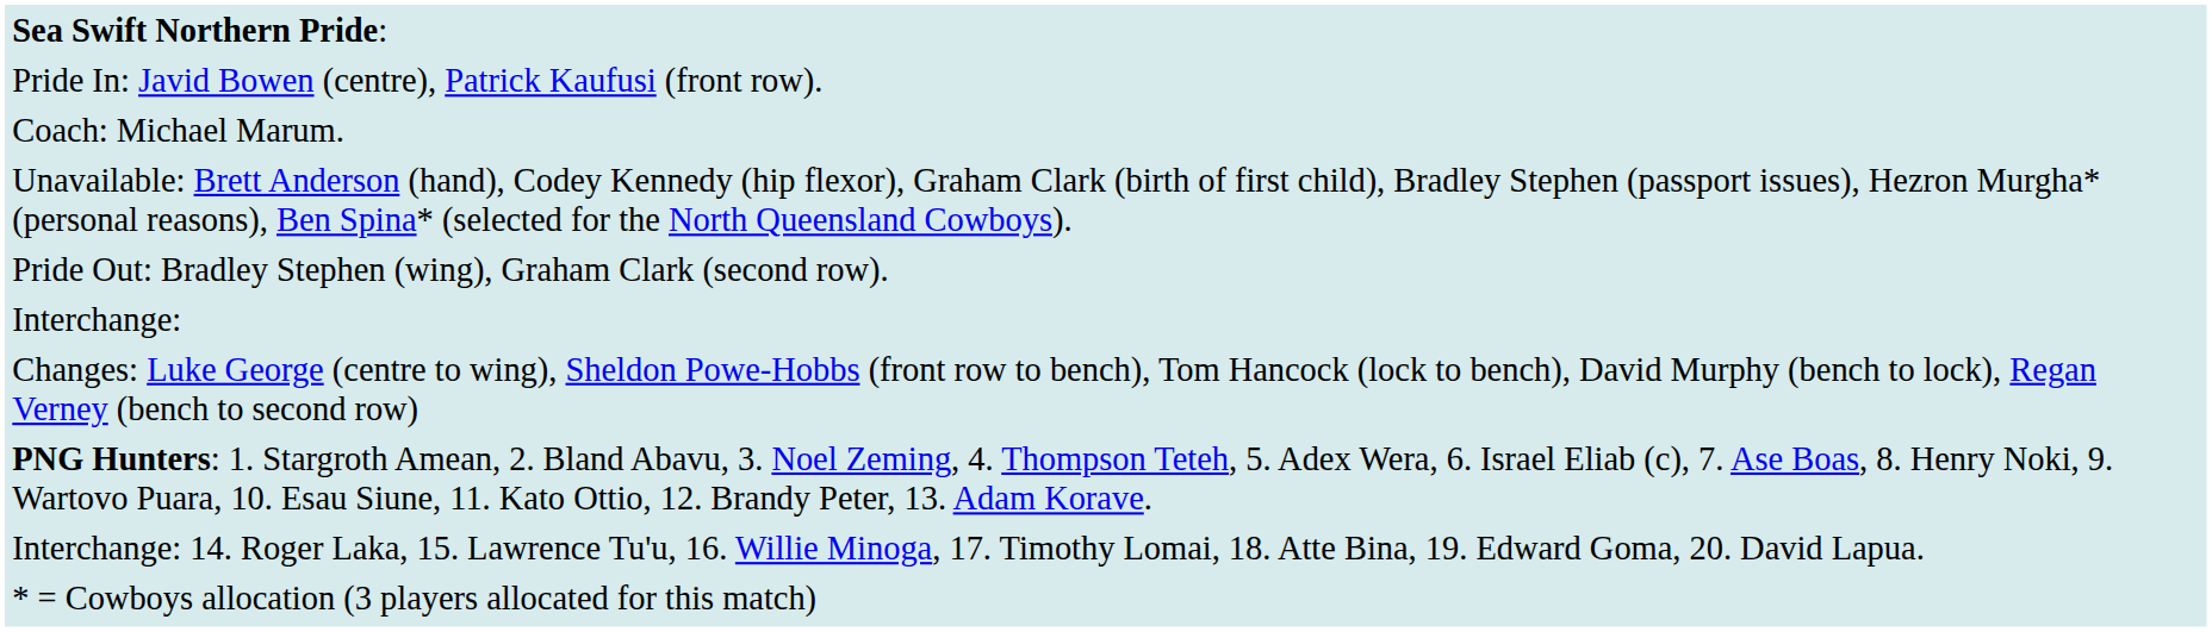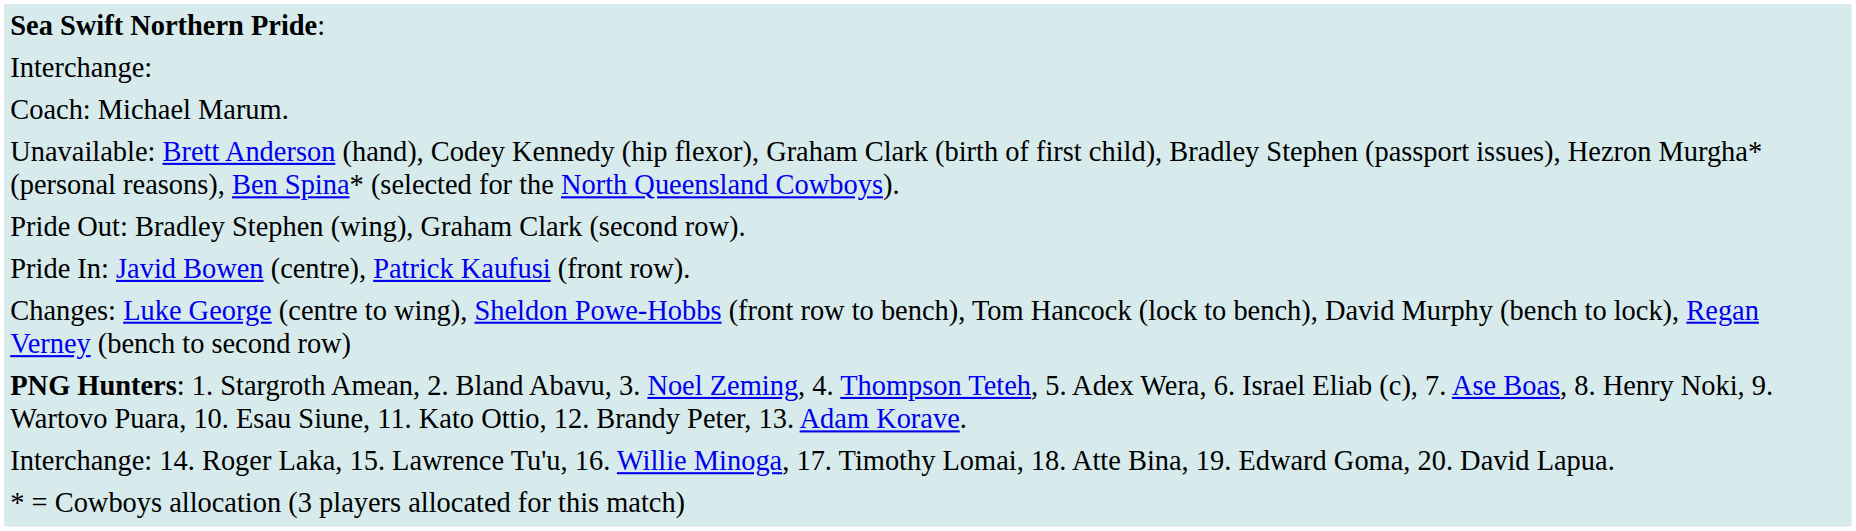 <table style="background:#d7ebed; font-size:85%; width:100%;">
 <tr>
 <td><strong>Sea Swift Northern Pride</strong>:             </td>
 </tr>
 <tr>
-<td>Pride In: <a href='#'>Javid Bowen</a> (centre), <a href='#'>Patrick Kaufusi</a> (front row).</td>
+<td>Interchange:    </td>
 </tr>
 <tr>
 <td>Coach: Michael Marum.</td>
 </tr>
 <tr>
 <td>Unavailable: <a href='#'>Brett Anderson</a> (hand), Codey Kennedy (hip flexor), Graham Clark (birth of first child), Bradley Stephen (passport issues), Hezron Murgha* (personal reasons), <a href='#'>Ben Spina</a>* (selected for the <a href='#'>North Queensland Cowboys</a>).</td>
 </tr>
 <tr>
 <td>Pride Out: Bradley Stephen (wing), Graham Clark (second row).</td>
 </tr>
 <tr>
-<td>Interchange:    </td>
+<td>Pride In: <a href='#'>Javid Bowen</a> (centre), <a href='#'>Patrick Kaufusi</a> (front row).</td>
 </tr>
 <tr>
 <td>Changes: <a href='#'>Luke George</a> (centre to wing), <a href='#'>Sheldon Powe-Hobbs</a> (front row to bench), Tom Hancock (lock to bench), David Murphy (bench to lock), <a href='#'>Regan Verney</a> (bench to second row)</td>
 </tr>
 <tr>
 <td><strong>PNG Hunters</strong>:  1. Stargroth Amean, 2. Bland Abavu, 3. <a href='#'>Noel Zeming</a>, 4. <a href='#'>Thompson Teteh</a>, 5. Adex Wera, 6. Israel Eliab (c), 7. <a href='#'>Ase Boas</a>, 8. Henry Noki, 9. Wartovo Puara, 10. Esau Siune, 11. Kato Ottio, 12. Brandy Peter, 13. <a href='#'>Adam Korave</a>.</td>
 </tr>
 <tr>
 <td>Interchange: 14. Roger Laka, 15. Lawrence Tu'u, 16. <a href='#'>Willie Minoga</a>, 17. Timothy Lomai, 18. Atte Bina, 19. Edward Goma, 20. David Lapua.</td>
 </tr>
 <tr>
 <td>* = Cowboys allocation (3 players allocated for this match)</td>
 </tr>
 </table>
